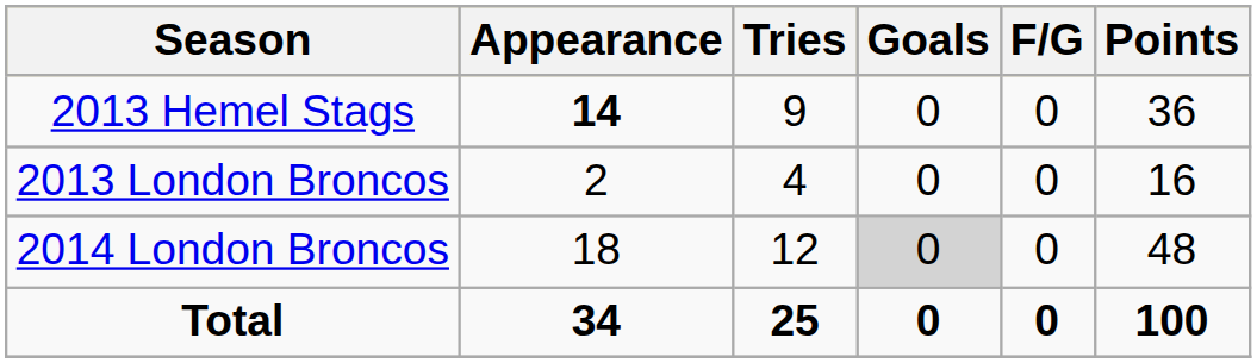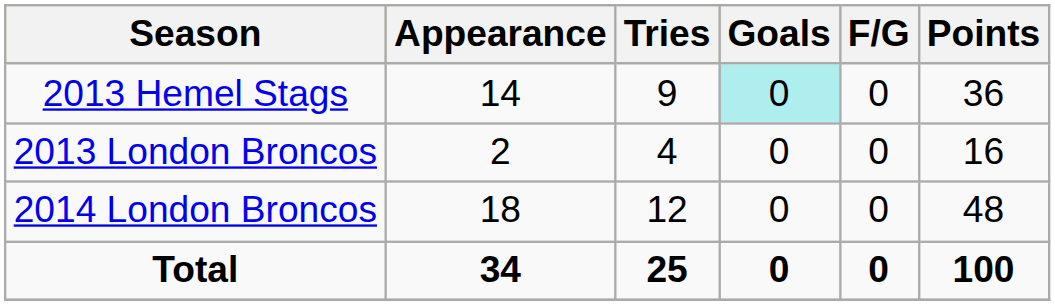 <table class="wikitable" style="text-align:center;">
 <tr bgcolor=#bdb76b>
 <th>Season</th>
 <th>Appearance</th>
 <th>Tries</th>
 <th>Goals</th>
 <th>F/G</th>
 <th>Points</th>
 </tr>
 <tr>
 <td><a href='#'>2013 Hemel Stags</a></td>
-<td><strong>14</strong></td>
+<td>14</td>
 <td>9</td>
-<td>0</td>
+<td style="background: paleturquoise;">0</td>
 <td>0</td>
 <td>36</td>
 </tr>
 <tr>
 <td><a href='#'>2013 London Broncos</a></td>
 <td>2</td>
 <td>4</td>
 <td>0</td>
 <td>0</td>
 <td>16</td>
 </tr>
 <tr>
 <td><a href='#'>2014 London Broncos</a></td>
 <td>18</td>
 <td>12</td>
-<td style="background: lightgrey;">0</td>
+<td>0</td>
 <td>0</td>
 <td>48</td>
 </tr>
 <tr>
 <td><strong>Total</strong></td>
 <td><strong>34</strong></td>
 <td><strong>25</strong></td>
 <td><strong>0</strong></td>
 <td><strong>0</strong></td>
 <td><strong>100</strong></td>
 </tr>
 <tr>
 </tr>
 </table>
